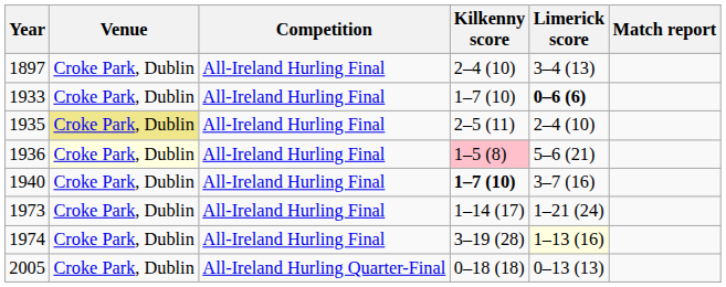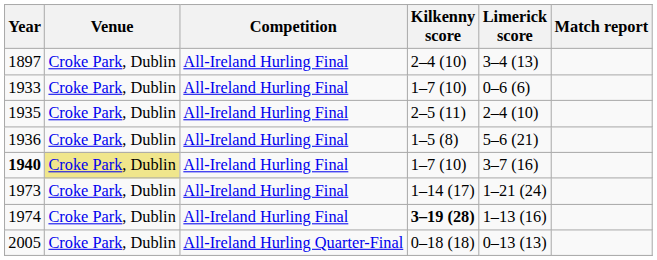 <table class="wikitable">
 <tr>
 <th width=30 style="text-align: center;">Year</th>
 <th>Venue</th>
 <th>Competition</th>
 <th>Kilkenny <br> score</th>
 <th>Limerick <br> score</th>
 <th>Match report</th>
 </tr>
 <tr>
 <td>1897</td>
 <td><a href='#'>Croke Park</a>, Dublin</td>
 <td><a href='#'>All-Ireland Hurling Final</a></td>
 <td>2–4 (10)</td>
 <td>3–4 (13)</td>
 <td></td>
 </tr>
 <tr>
 <td>1933</td>
 <td><a href='#'>Croke Park</a>, Dublin</td>
 <td><a href='#'>All-Ireland Hurling Final</a></td>
 <td>1–7 (10)</td>
-<td><strong>0–6 (6)</strong></td>
+<td>0–6 (6)</td>
 <td></td>
 </tr>
 <tr>
 <td>1935</td>
-<td style="background: khaki;"><a href='#'>Croke Park</a>, Dublin</td>
+<td><a href='#'>Croke Park</a>, Dublin</td>
 <td><a href='#'>All-Ireland Hurling Final</a></td>
 <td>2–5 (11)</td>
 <td>2–4 (10)</td>
 <td></td>
 </tr>
 <tr>
 <td>1936</td>
-<td style="background: lightyellow;"><a href='#'>Croke Park</a>, Dublin</td>
+<td><a href='#'>Croke Park</a>, Dublin</td>
 <td><a href='#'>All-Ireland Hurling Final</a></td>
-<td style="background: pink;">1–5 (8)</td>
+<td>1–5 (8)</td>
 <td>5–6 (21)</td>
 <td></td>
 </tr>
 <tr>
-<td>1940</td>
-<td><a href='#'>Croke Park</a>, Dublin</td>
+<td><strong>1940</strong></td>
+<td style="background: khaki;"><a href='#'>Croke Park</a>, Dublin</td>
 <td><a href='#'>All-Ireland Hurling Final</a></td>
-<td><strong>1–7 (10)</strong></td>
+<td>1–7 (10)</td>
 <td>3–7 (16)</td>
 <td></td>
 </tr>
 <tr>
 <td>1973</td>
 <td><a href='#'>Croke Park</a>, Dublin</td>
 <td><a href='#'>All-Ireland Hurling Final</a></td>
 <td>1–14 (17)</td>
 <td>1–21 (24)</td>
 <td></td>
 </tr>
 <tr>
 <td>1974</td>
 <td><a href='#'>Croke Park</a>, Dublin</td>
 <td><a href='#'>All-Ireland Hurling Final</a></td>
-<td>3–19 (28)</td>
-<td style="background: lightyellow;">1–13 (16)</td>
+<td><strong>3–19 (28)</strong></td>
+<td>1–13 (16)</td>
 <td></td>
 </tr>
 <tr>
 <td>2005</td>
 <td><a href='#'>Croke Park</a>, Dublin</td>
 <td><a href='#'>All-Ireland Hurling Quarter-Final</a></td>
 <td>0–18 (18)</td>
 <td>0–13 (13)</td>
 <td></td>
 </tr>
 </table>
